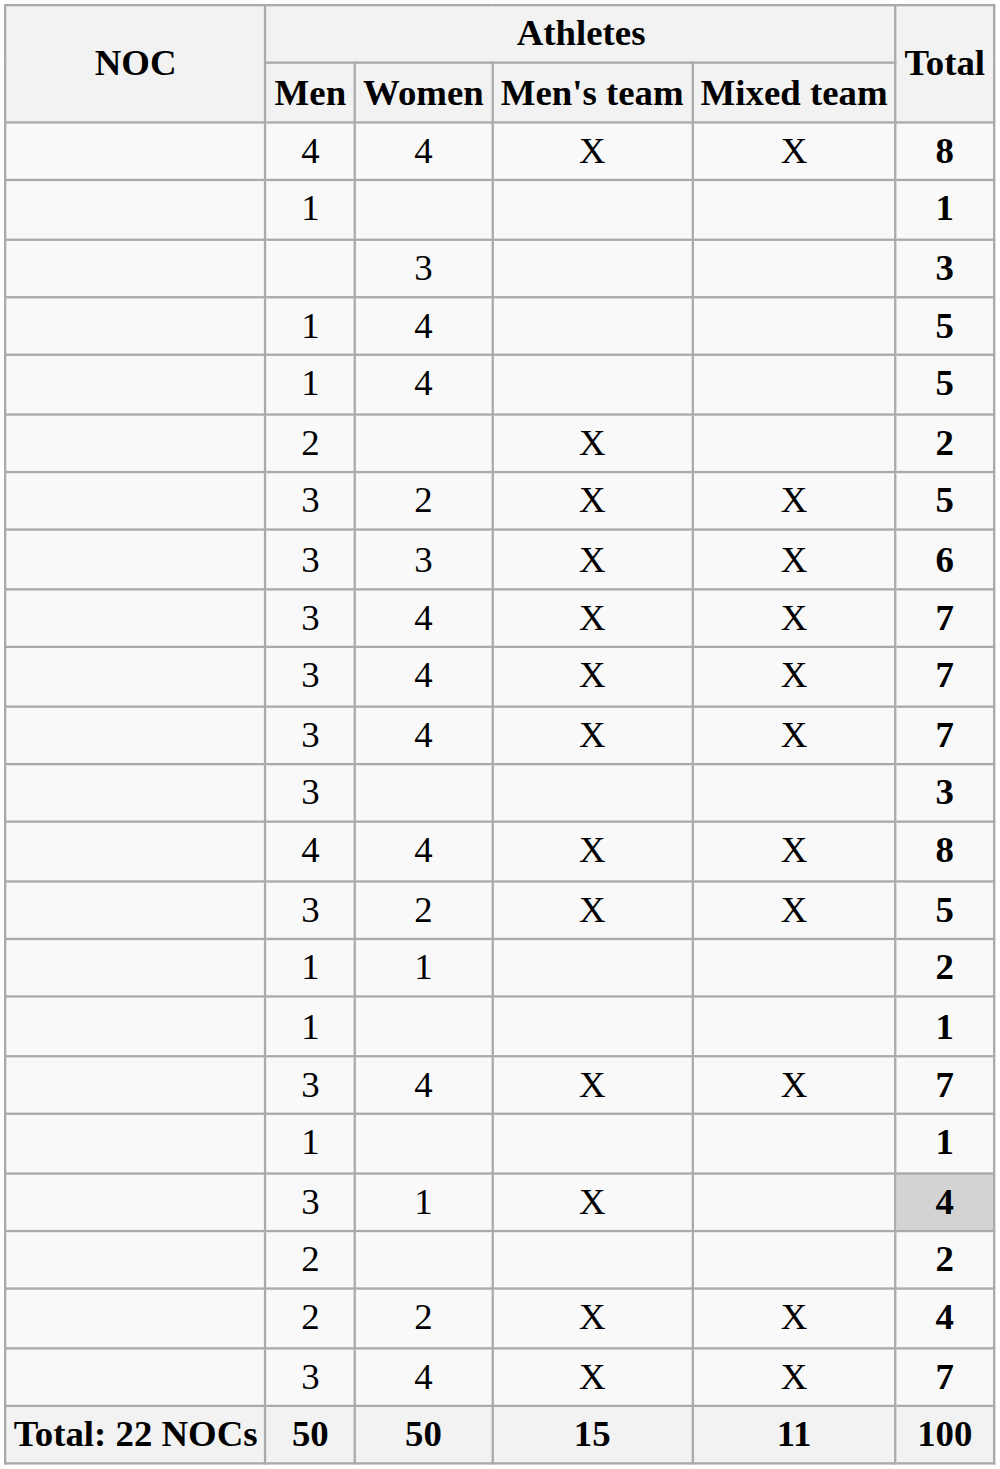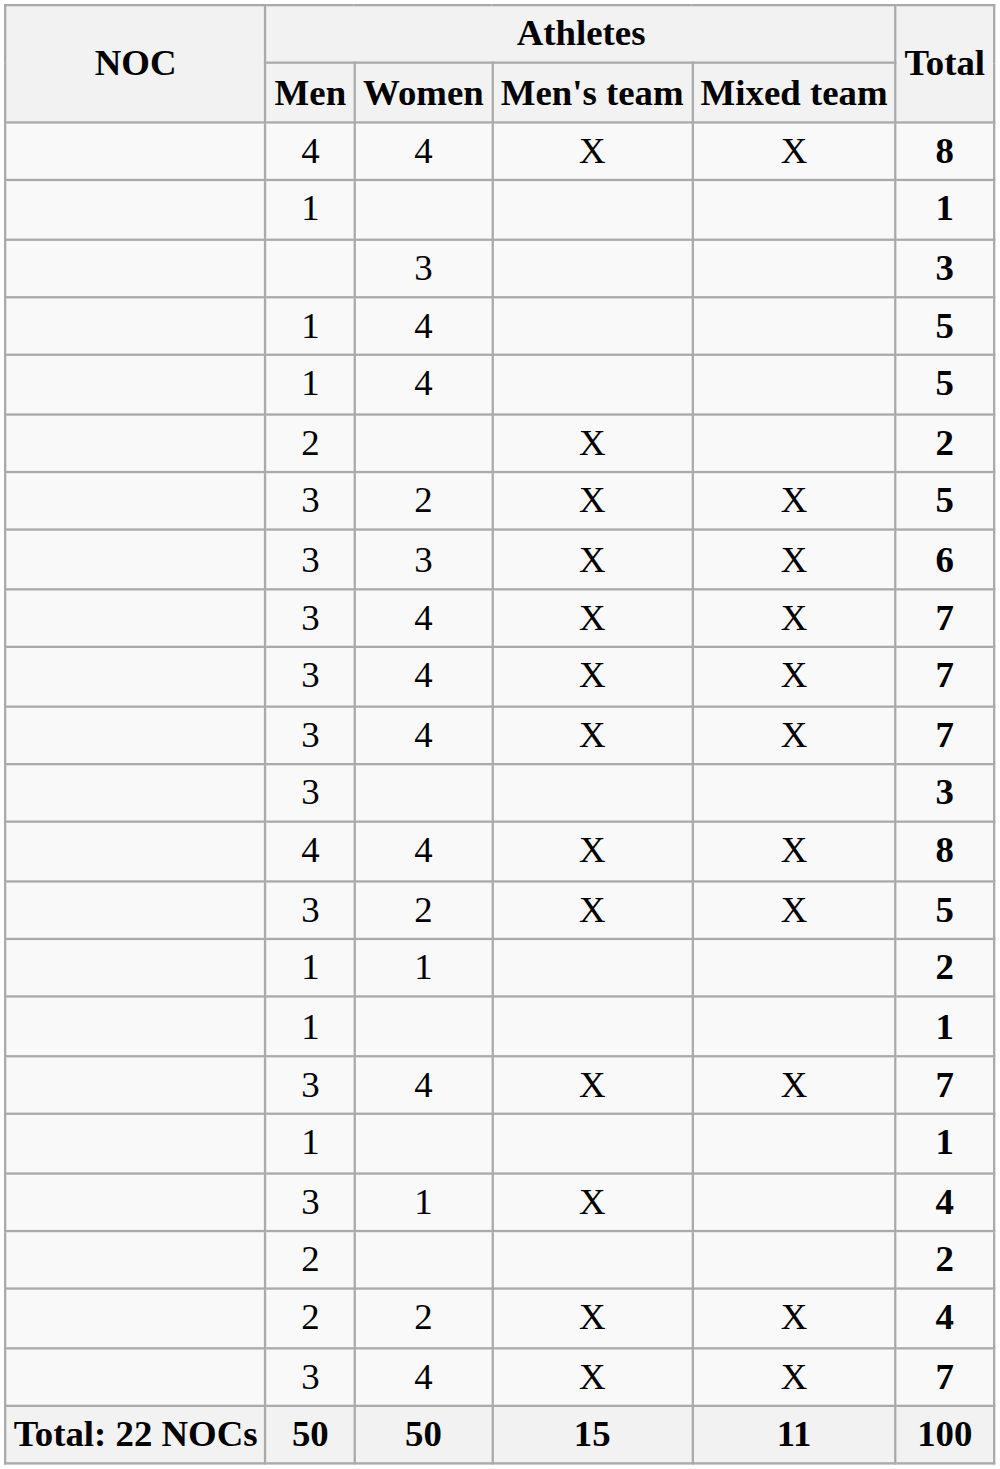 <table class="wikitable sortable" style="text-align:center;">
 <tr>
 <th rowspan=2>NOC</th>
 <th colspan=4>Athletes</th>
 <th rowspan=2>Total</th>
 </tr>
 <tr>
 <th>Men</th>
 <th>Women</th>
 <th>Men's team</th>
 <th>Mixed team</th>
 </tr>
 <tr>
 <td align=left></td>
 <td>4</td>
 <td>4</td>
 <td>X</td>
 <td>X</td>
 <td><strong>8</strong></td>
 </tr>
 <tr>
 <td align=left></td>
 <td>1</td>
 <td></td>
 <td></td>
 <td></td>
 <td><strong>1</strong></td>
 </tr>
 <tr>
 <td align=left></td>
 <td></td>
 <td>3</td>
 <td></td>
 <td></td>
 <td><strong>3</strong></td>
 </tr>
 <tr>
 <td align=left></td>
 <td>1</td>
 <td>4</td>
 <td></td>
 <td></td>
 <td><strong>5</strong></td>
 </tr>
 <tr>
 <td align=left></td>
 <td>1</td>
 <td>4</td>
 <td></td>
 <td></td>
 <td><strong>5</strong></td>
 </tr>
 <tr>
 <td align=left></td>
 <td>2</td>
 <td></td>
 <td>X</td>
 <td></td>
 <td><strong>2</strong></td>
 </tr>
 <tr>
 <td align=left></td>
 <td>3</td>
 <td>2</td>
 <td>X</td>
 <td>X</td>
 <td><strong>5</strong></td>
 </tr>
 <tr>
 <td align=left></td>
 <td>3</td>
 <td>3</td>
 <td>X</td>
 <td>X</td>
 <td><strong>6</strong></td>
 </tr>
 <tr>
 <td align=left></td>
 <td>3</td>
 <td>4</td>
 <td>X</td>
 <td>X</td>
 <td><strong>7</strong></td>
 </tr>
 <tr>
 <td align=left></td>
 <td>3</td>
 <td>4</td>
 <td>X</td>
 <td>X</td>
 <td><strong>7</strong></td>
 </tr>
 <tr>
 <td align=left></td>
 <td>3</td>
 <td>4</td>
 <td>X</td>
 <td>X</td>
 <td><strong>7</strong></td>
 </tr>
 <tr>
 <td align=left></td>
 <td>3</td>
 <td></td>
 <td></td>
 <td></td>
 <td><strong>3</strong></td>
 </tr>
 <tr>
 <td align=left></td>
 <td>4</td>
 <td>4</td>
 <td>X</td>
 <td>X</td>
 <td><strong>8</strong></td>
 </tr>
 <tr>
 <td align=left></td>
 <td>3</td>
 <td>2</td>
 <td>X</td>
 <td>X</td>
 <td><strong>5</strong></td>
 </tr>
 <tr>
 <td align=left></td>
 <td>1</td>
 <td>1</td>
 <td></td>
 <td></td>
 <td><strong>2</strong></td>
 </tr>
 <tr>
 <td align=left></td>
 <td>1</td>
 <td></td>
 <td></td>
 <td></td>
 <td><strong>1</strong></td>
 </tr>
 <tr>
 <td align=left></td>
 <td>3</td>
 <td>4</td>
 <td>X</td>
 <td>X</td>
 <td><strong>7</strong></td>
 </tr>
 <tr>
 <td align=left></td>
 <td>1</td>
 <td></td>
 <td></td>
 <td></td>
 <td><strong>1</strong></td>
 </tr>
 <tr>
 <td align=left></td>
 <td>3</td>
 <td>1</td>
 <td>X</td>
 <td></td>
-<td style="background: lightgrey;"><strong>4</strong></td>
+<td><strong>4</strong></td>
 </tr>
 <tr>
 <td align=left></td>
 <td>2</td>
 <td></td>
 <td></td>
 <td></td>
 <td><strong>2</strong></td>
 </tr>
 <tr>
 <td align=left></td>
 <td>2</td>
 <td>2</td>
 <td>X</td>
 <td>X</td>
 <td><strong>4</strong></td>
 </tr>
 <tr>
 <td align=left></td>
 <td>3</td>
 <td>4</td>
 <td>X</td>
 <td>X</td>
 <td><strong>7</strong></td>
 </tr>
 <tr>
 <th>Total: 22 NOCs</th>
 <th>50</th>
 <th>50</th>
 <th>15</th>
 <th>11</th>
 <th>100</th>
 </tr>
 </table>
